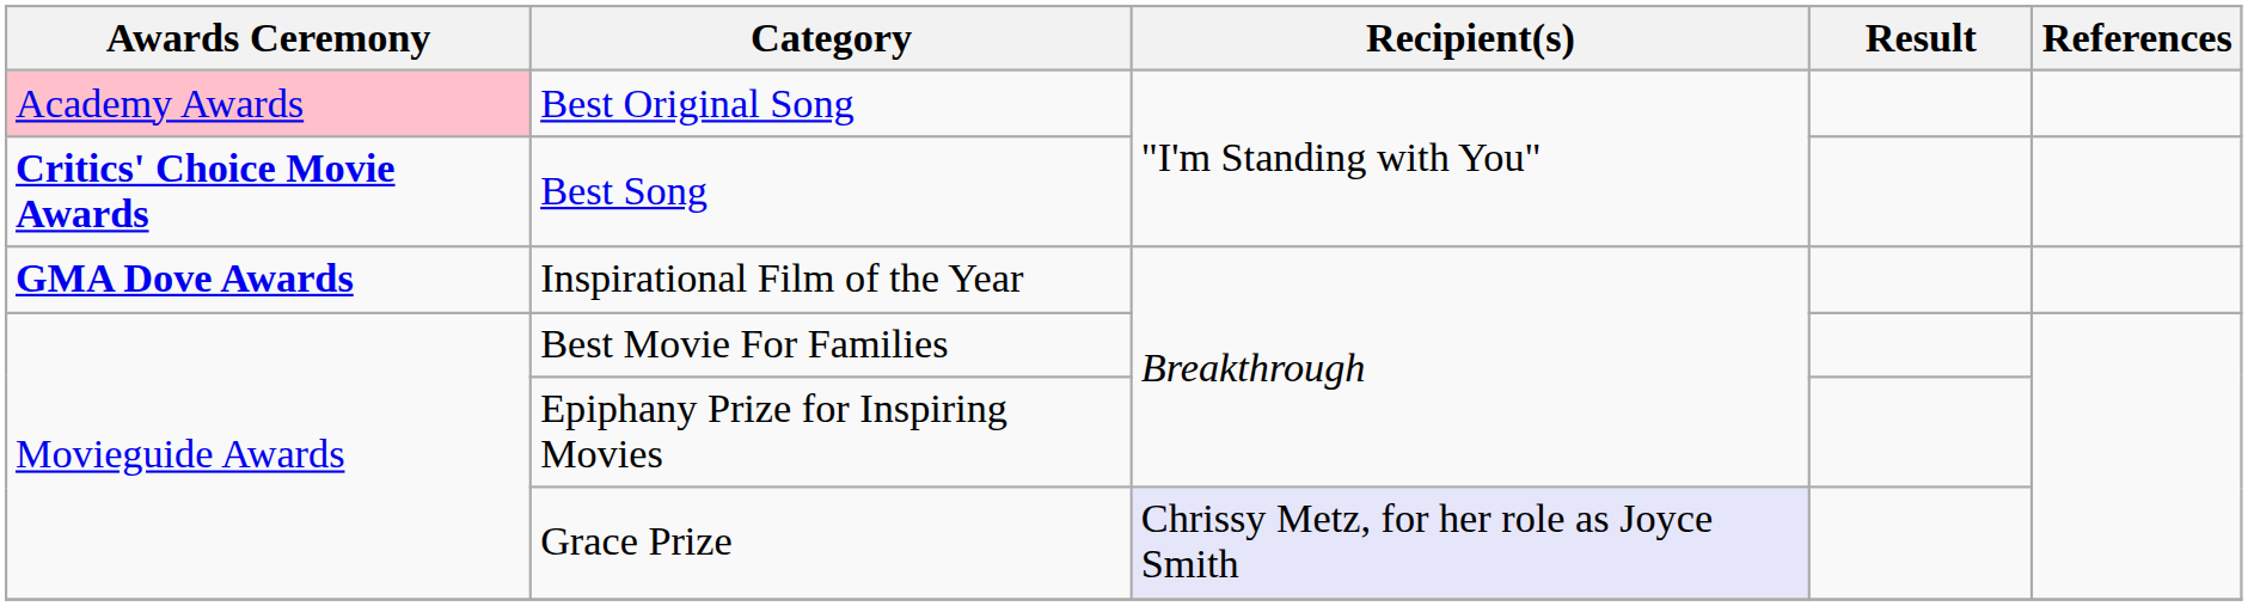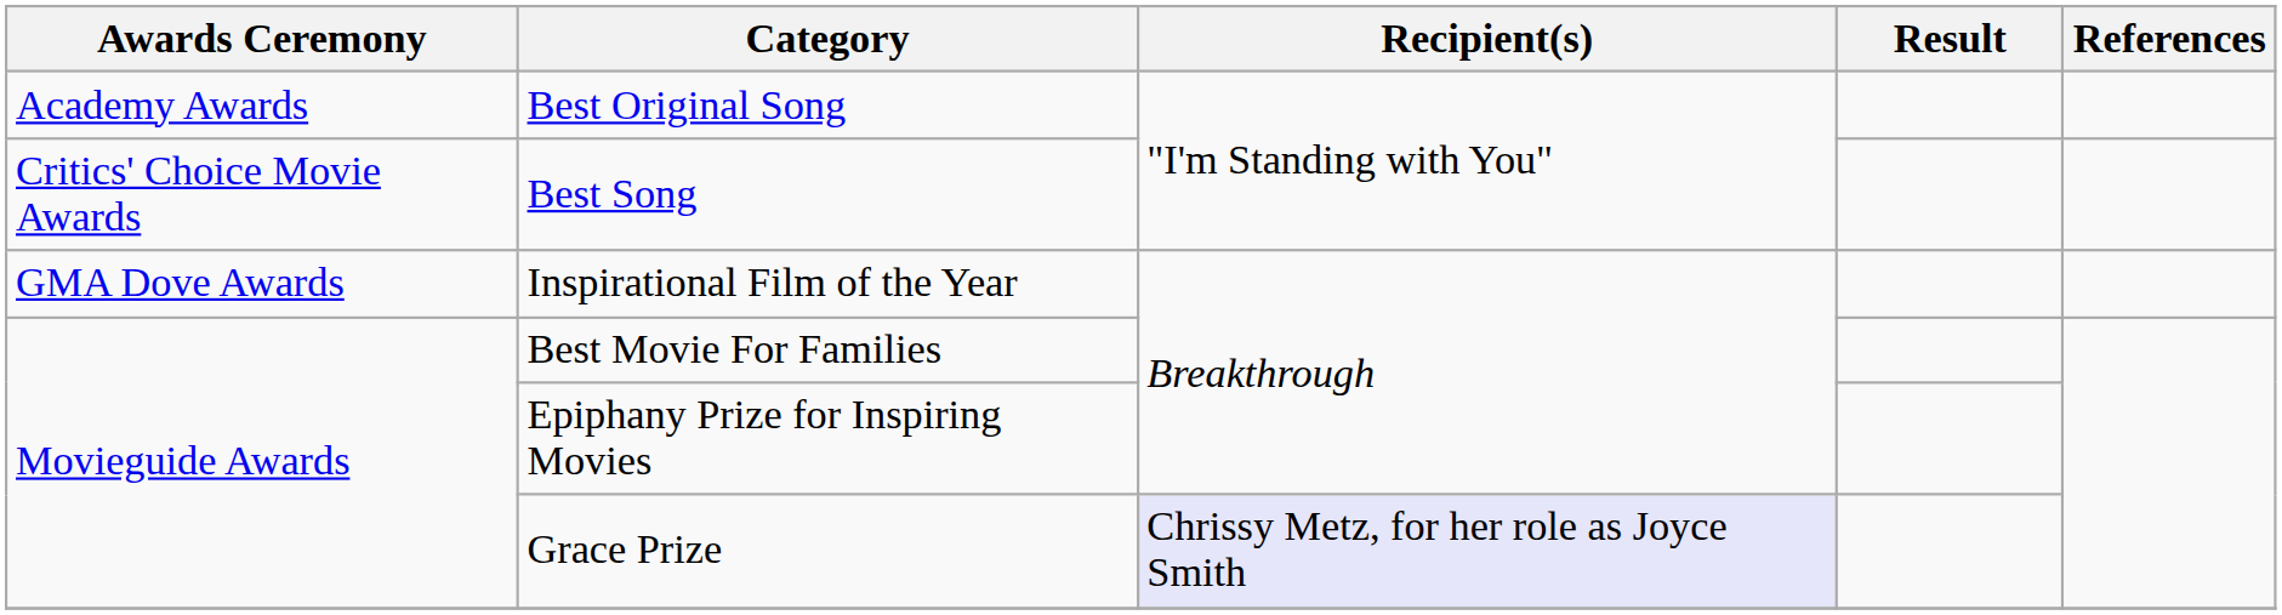 <table class="wikitable sortable plainrowheaders" style="width: 99%;">
 <tr>
 <th scope="col">Awards Ceremony</th>
 <th scope="col">Category</th>
 <th scope="col">Recipient(s)</th>
 <th scope="col" style="width:10%;">Result</th>
 <th scope="col" style="width:5%">References</th>
 </tr>
 <tr>
-<td style="background: pink;"><a href='#'>Academy Awards</a></td>
+<td><a href='#'>Academy Awards</a></td>
 <td><a href='#'>Best Original Song</a></td>
 <td rowspan="2">"I'm Standing with You"</td>
 <td></td>
 <td style="text-align:center;"></td>
 </tr>
 <tr>
-<td><strong><a href='#'>Critics' Choice Movie Awards</a></strong></td>
+<td><a href='#'>Critics' Choice Movie Awards</a></td>
 <td><a href='#'>Best Song</a></td>
 <td></td>
 <td style="text-align:center;"></td>
 </tr>
 <tr>
-<td><strong><a href='#'>GMA Dove Awards</a></strong></td>
+<td><a href='#'>GMA Dove Awards</a></td>
 <td>Inspirational Film of the Year</td>
 <td rowspan="3"><em>Breakthrough</em></td>
 <td></td>
 <td style="text-align:center;"></td>
 </tr>
 <tr>
 <td rowspan="3" scope="row"><a href='#'>Movieguide Awards</a></td>
 <td>Best Movie For Families</td>
 <td></td>
 <td style="text-align:center;" rowspan="3"></td>
 </tr>
 <tr>
 <td>Epiphany Prize for Inspiring Movies</td>
 <td></td>
 </tr>
 <tr>
 <td>Grace Prize</td>
 <td style="background: lavender;">Chrissy Metz, for her role as Joyce Smith</td>
 <td></td>
 </tr>
 <tr>
 </tr>
 </table>
